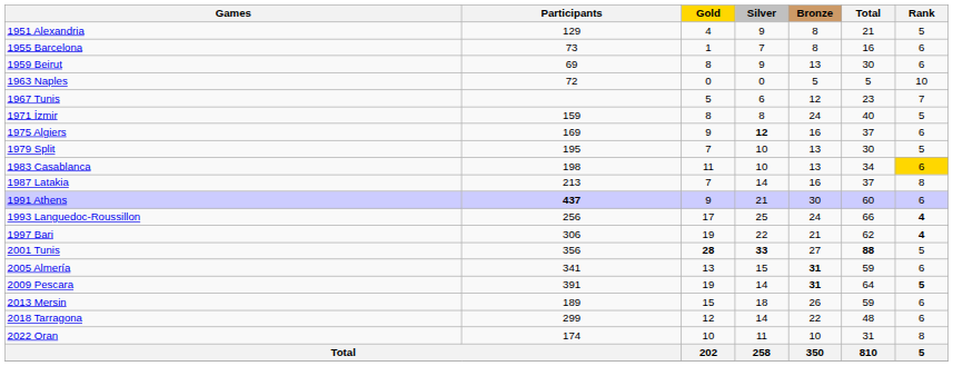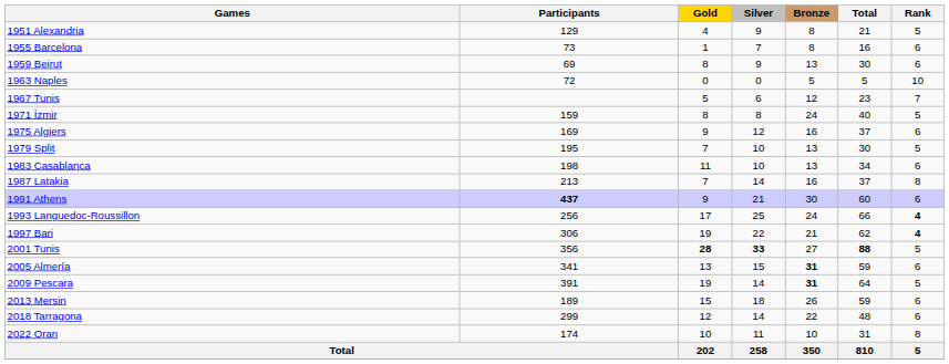 <table class="wikitable" width=80% style="font-size:90%; text-align:center;">
 <tr>
 <th>Games</th>
 <th>Participants</th>
 <td style="background:gold; width:4.5em; font-weight:bold;">Gold</td>
 <td style="background:silver; width:4.5em; font-weight:bold;">Silver</td>
 <td style="background:#cc9966; width:4.5em; font-weight:bold;">Bronze</td>
 <th style="width:4.5em; font-weight:bold;">Total</th>
 <th style="width:4.5em; font-weight:bold;">Rank</th>
 </tr>
 <tr>
 <td align=left><a href='#'>1951 Alexandria</a></td>
 <td>129</td>
 <td>4</td>
 <td>9</td>
 <td>8</td>
 <td>21</td>
 <td>5</td>
 </tr>
 <tr>
 <td align=left><a href='#'>1955 Barcelona</a></td>
 <td>73</td>
 <td>1</td>
 <td>7</td>
 <td>8</td>
 <td>16</td>
 <td>6</td>
 </tr>
 <tr>
 <td align=left><a href='#'>1959 Beirut</a></td>
 <td>69</td>
 <td>8</td>
 <td>9</td>
 <td>13</td>
 <td>30</td>
 <td>6</td>
 </tr>
 <tr>
 <td align=left><a href='#'>1963 Naples</a></td>
 <td>72</td>
 <td>0</td>
 <td>0</td>
 <td>5</td>
 <td>5</td>
 <td>10</td>
 </tr>
 <tr>
 <td align=left><a href='#'>1967 Tunis</a></td>
 <td></td>
 <td>5</td>
 <td>6</td>
 <td>12</td>
 <td>23</td>
 <td>7</td>
 </tr>
 <tr>
 <td align=left><a href='#'>1971 İzmir</a></td>
 <td>159</td>
 <td>8</td>
 <td>8</td>
 <td>24</td>
 <td>40</td>
 <td>5</td>
 </tr>
 <tr>
 <td align=left><a href='#'>1975 Algiers</a></td>
 <td>169</td>
 <td>9</td>
-<td><strong>12</strong></td>
+<td>12</td>
 <td>16</td>
 <td>37</td>
 <td>6</td>
 </tr>
 <tr>
 <td align=left><a href='#'>1979 Split</a></td>
 <td>195</td>
 <td>7</td>
 <td>10</td>
 <td>13</td>
 <td>30</td>
 <td>5</td>
 </tr>
 <tr>
 <td align=left><a href='#'>1983 Casablanca</a></td>
 <td>198</td>
 <td>11</td>
 <td>10</td>
 <td>13</td>
 <td>34</td>
-<td style="background: gold;">6</td>
+<td>6</td>
 </tr>
 <tr>
 <td align=left><a href='#'>1987 Latakia</a></td>
 <td>213</td>
 <td>7</td>
 <td>14</td>
 <td>16</td>
 <td>37</td>
 <td>8</td>
 </tr>
 <tr style="background:#ccccff">
 <td align=left><a href='#'>1991 Athens</a></td>
 <td><strong>437</strong></td>
 <td>9</td>
 <td>21</td>
 <td>30</td>
 <td>60</td>
 <td>6</td>
 </tr>
 <tr>
 <td align=left><a href='#'>1993 Languedoc-Roussillon</a></td>
 <td>256</td>
 <td>17</td>
 <td>25</td>
 <td>24</td>
 <td>66</td>
 <td><strong>4</strong></td>
 </tr>
 <tr>
 <td align=left><a href='#'>1997 Bari</a></td>
 <td>306</td>
 <td>19</td>
 <td>22</td>
 <td>21</td>
 <td>62</td>
 <td><strong>4</strong></td>
 </tr>
 <tr>
 <td align=left><a href='#'>2001 Tunis</a></td>
 <td>356</td>
 <td><strong>28</strong></td>
 <td><strong>33</strong></td>
 <td>27</td>
 <td><strong>88</strong></td>
 <td>5</td>
 </tr>
 <tr>
 <td align=left><a href='#'>2005 Almería</a></td>
 <td>341</td>
 <td>13</td>
 <td>15</td>
 <td><strong>31</strong></td>
 <td>59</td>
 <td>6</td>
 </tr>
 <tr>
 <td align=left><a href='#'>2009 Pescara</a></td>
 <td>391</td>
 <td>19</td>
 <td>14</td>
 <td><strong>31</strong></td>
 <td>64</td>
-<td><strong>5</strong></td>
+<td>5</td>
 </tr>
 <tr>
 <td align=left><a href='#'>2013 Mersin</a></td>
 <td>189</td>
 <td>15</td>
 <td>18</td>
 <td>26</td>
 <td>59</td>
 <td>6</td>
 </tr>
 <tr>
 <td align=left><a href='#'>2018 Tarragona</a></td>
 <td>299</td>
 <td>12</td>
 <td>14</td>
 <td>22</td>
 <td>48</td>
 <td>6</td>
 </tr>
 <tr>
 <td align=left><a href='#'>2022 Oran</a></td>
 <td>174</td>
 <td>10</td>
 <td>11</td>
 <td>10</td>
 <td>31</td>
 <td>8</td>
 </tr>
 <tr>
 <th colspan=2>Total</th>
 <th>202</th>
 <th>258</th>
 <th>350</th>
 <th>810</th>
 <th>5</th>
 </tr>
 <tr class="sortbottom">
 </tr>
 </table>
